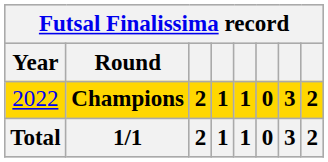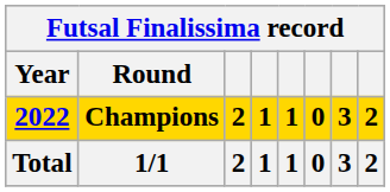 <table class="wikitable" style="text-align: center;font-size:90%;">
 <tr>
 <th colspan=9><a href='#'>Futsal Finalissima</a> record</th>
 </tr>
 <tr>
 <th>Year</th>
 <th>Round</th>
 <th></th>
 <th></th>
 <th></th>
 <th></th>
 <th></th>
 <th></th>
 </tr>
 <tr bgcolor=gold>
-<td> <a href='#'>2022</a></td>
+<td><strong> <a href='#'>2022</a></strong></td>
 <td><strong>Champions</strong></td>
 <td><strong>2</strong></td>
 <td><strong>1</strong></td>
 <td><strong>1</strong></td>
 <td><strong>0</strong></td>
 <td><strong>3</strong></td>
 <td><strong>2</strong></td>
 </tr>
 <tr>
 <th><strong>Total</strong></th>
 <th>1/1</th>
 <th>2</th>
 <th>1</th>
 <th>1</th>
 <th>0</th>
 <th>3</th>
 <th>2</th>
 </tr>
 </table>
